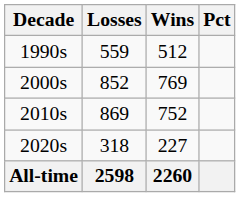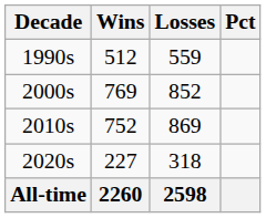 <table class="wikitable" style="text-align:center">
 <tr>
 <th style="text-align:center; ">Decade</th>
+<th style="text-align:center; ">Wins</th>
 <th style="text-align:center; ">Losses</th>
-<th style="text-align:center; ">Wins</th>
 <th style="text-align:center; ">Pct</th>
 </tr>
 <tr>
 <td>1990s</td>
+<td>512</td>
 <td>559</td>
-<td>512</td>
 <td></td>
 </tr>
 <tr>
 <td>2000s</td>
+<td>769</td>
 <td>852</td>
-<td>769</td>
 <td></td>
 </tr>
 <tr>
 <td>2010s</td>
+<td>752</td>
 <td>869</td>
-<td>752</td>
 <td></td>
 </tr>
 <tr>
 <td>2020s</td>
+<td>227</td>
 <td>318</td>
-<td>227</td>
 <td></td>
 </tr>
 <tr style="background:#f0f0f0; font-weight:bold">
 <th style="text-align:center; ">All-time</th>
+<th style="text-align:center; ">2260</th>
 <th style="text-align:center; ">2598</th>
-<th style="text-align:center; ">2260</th>
 <th style="text-align:center; "></th>
 </tr>
 </table>
